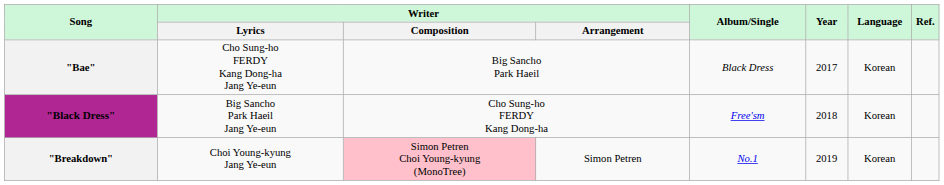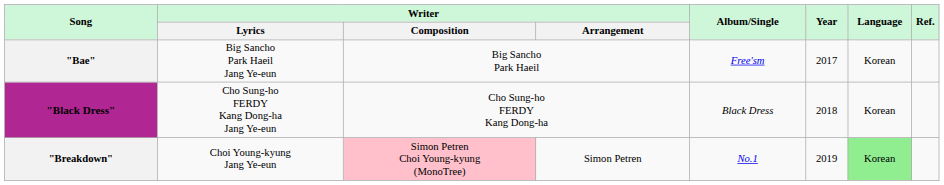 <table class="wikitable" style="margin:0.5em auto; clear:both; font-size:.9em; text-align:center; width:100%">
 <tr>
 <th rowspan="2" style="width:200px; background:#CEF6D8;">Song</th>
 <th colspan="3" style="width:900px; background:#CEF6D8;">Writer</th>
 <th rowspan="2" style="width:150px; background:#CEF6D8;">Album/Single</th>
 <th rowspan="2" style="width:50px; background:#CEF6D8;">Year</th>
 <th rowspan="2" style="width:80px; background:#CEF6D8;">Language</th>
 <th rowspan="2" style="width:30px; background:#CEF6D8;">Ref.</th>
 </tr>
 <tr>
 <th>Lyrics</th>
 <th>Composition</th>
 <th>Arrangement</th>
 </tr>
 <tr>
 <th>"Bae"</th>
-<td>Cho Sung-ho<br> FERDY<br> Kang Dong-ha<br> Jang Ye-eun</td>
+<td>Big Sancho<br> Park Haeil<br> Jang Ye-eun</td>
 <td colspan="2">Big Sancho<br> Park Haeil</td>
-<td><em>Black Dress</em></td>
+<td><em><a href='#'>Free'sm</a></em></td>
 <td>2017</td>
 <td>Korean</td>
 <td></td>
 </tr>
 <tr>
 <th scope="row" style="background-color:#B02693; font-size:15px;">"<strong>Black Dress</strong>" </th>
-<td>Big Sancho<br> Park Haeil<br> Jang Ye-eun</td>
+<td>Cho Sung-ho<br> FERDY<br> Kang Dong-ha<br> Jang Ye-eun</td>
 <td colspan="2">Cho Sung-ho<br> FERDY<br> Kang Dong-ha</td>
-<td><em><a href='#'>Free'sm</a></em></td>
+<td><em>Black Dress</em></td>
 <td>2018</td>
 <td>Korean</td>
 <td></td>
 </tr>
 <tr>
 <th>"Breakdown"</th>
 <td>Choi Young-kyung<br>Jang Ye-eun</td>
 <td style="background: pink;">Simon Petren<br> Choi Young-kyung<br>  (MonoTree)</td>
 <td>Simon Petren</td>
 <td><em><a href='#'>No.1</a></em></td>
 <td>2019</td>
-<td>Korean</td>
+<td style="background: lightgreen;">Korean</td>
 <td></td>
 </tr>
 </table>
